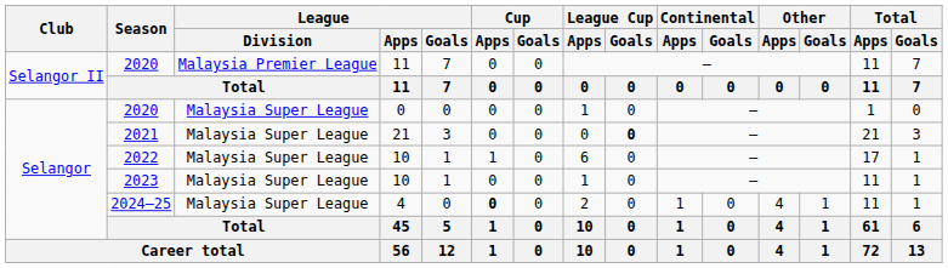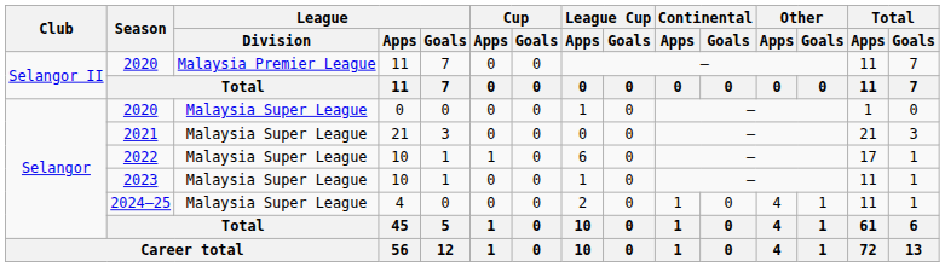 <table class="wikitable" style="text-align: center;">
 <tr>
 <th rowspan="2">Club</th>
 <th rowspan="2">Season</th>
 <th colspan="3">League</th>
 <th colspan="2">Cup</th>
 <th colspan="2">League Cup</th>
 <th colspan="2">Continental</th>
 <th colspan="2">Other</th>
 <th colspan="2">Total</th>
 </tr>
 <tr>
 <th>Division</th>
 <th>Apps</th>
 <th>Goals</th>
 <th>Apps</th>
 <th>Goals</th>
 <th>Apps</th>
 <th>Goals</th>
 <th>Apps</th>
 <th>Goals</th>
 <th>Apps</th>
 <th>Goals</th>
 <th>Apps</th>
 <th>Goals</th>
 </tr>
 <tr>
 <td rowspan="2"><a href='#'>Selangor II</a></td>
 <td><a href='#'>2020</a></td>
 <td><a href='#'>Malaysia Premier League</a></td>
 <td>11</td>
 <td>7</td>
 <td>0</td>
 <td>0</td>
 <td colspan=6>—</td>
 <td>11</td>
 <td>7</td>
 </tr>
 <tr>
 <th colspan="2">Total</th>
 <th>11</th>
 <th>7</th>
 <th>0</th>
 <th>0</th>
 <th>0</th>
 <th>0</th>
 <th>0</th>
 <th>0</th>
 <th>0</th>
 <th>0</th>
 <th>11</th>
 <th>7</th>
 </tr>
 <tr>
 <td rowspan="6" valign="center"><a href='#'>Selangor</a></td>
 <td><a href='#'>2020</a></td>
 <td><a href='#'>Malaysia Super League</a></td>
 <td>0</td>
 <td>0</td>
 <td>0</td>
 <td>0</td>
 <td>1</td>
 <td>0</td>
 <td colspan=4>—</td>
 <td>1</td>
 <td>0</td>
 </tr>
 <tr>
 <td><a href='#'>2021</a></td>
 <td>Malaysia Super League</td>
 <td>21</td>
 <td>3</td>
 <td>0</td>
 <td>0</td>
 <td>0</td>
-<td><strong>0</strong></td>
+<td>0</td>
 <td colspan=4>—</td>
 <td>21</td>
 <td>3</td>
 </tr>
 <tr>
 <td><a href='#'>2022</a></td>
 <td>Malaysia Super League</td>
 <td>10</td>
 <td>1</td>
 <td>1</td>
 <td>0</td>
 <td>6</td>
 <td>0</td>
 <td colspan=4>—</td>
 <td>17</td>
 <td>1</td>
 </tr>
 <tr>
 <td><a href='#'>2023</a></td>
 <td>Malaysia Super League</td>
 <td>10</td>
 <td>1</td>
 <td>0</td>
 <td>0</td>
 <td>1</td>
 <td>0</td>
 <td colspan=4>—</td>
 <td>11</td>
 <td>1</td>
 </tr>
 <tr>
 <td><a href='#'>2024–25</a></td>
 <td>Malaysia Super League</td>
 <td>4</td>
 <td>0</td>
-<td><strong>0</strong></td>
+<td>0</td>
 <td>0</td>
 <td>2</td>
 <td>0</td>
 <td>1</td>
 <td>0</td>
 <td>4</td>
 <td>1</td>
 <td>11</td>
 <td>1</td>
 </tr>
 <tr>
 <th colspan="2">Total</th>
 <th>45</th>
 <th>5</th>
 <th>1</th>
 <th>0</th>
 <th>10</th>
 <th>0</th>
 <th>1</th>
 <th>0</th>
 <th>4</th>
 <th>1</th>
 <th>61</th>
 <th>6</th>
 </tr>
 <tr>
 <th colspan="3">Career total</th>
 <th>56</th>
 <th>12</th>
 <th>1</th>
 <th>0</th>
 <th>10</th>
 <th>0</th>
 <th>1</th>
 <th>0</th>
 <th>4</th>
 <th>1</th>
 <th>72</th>
 <th>13</th>
 </tr>
 </table>
